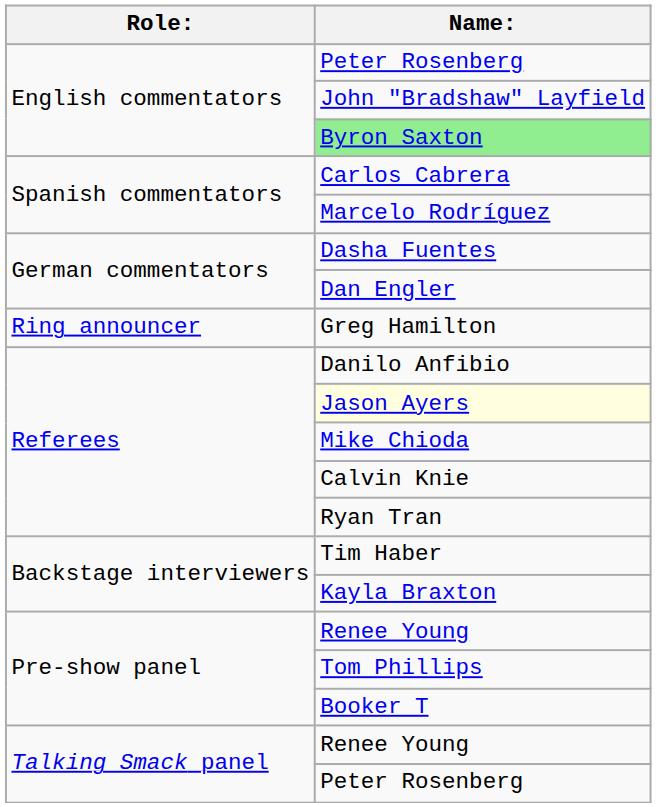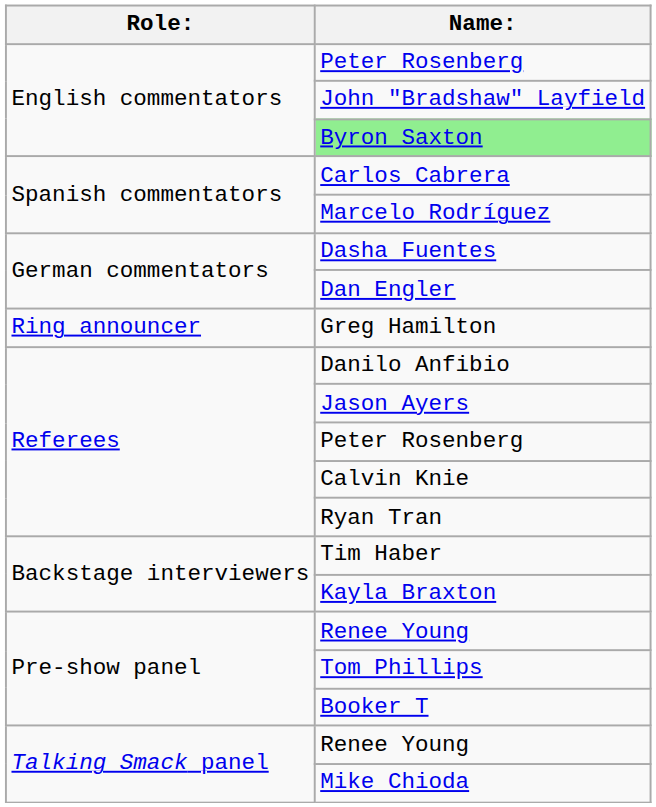 <table class=wikitable style="font-size:90%; margin: 0.5em 0 0.5em 1em; float: right; clear: right;">
 <tr>
 <th>Role:</th>
 <th>Name:</th>
 </tr>
 <tr>
 <td rowspan=3>English commentators</td>
 <td><a href='#'>Peter Rosenberg</a></td>
 </tr>
 <tr>
 <td><a href='#'>John "Bradshaw" Layfield</a></td>
 </tr>
 <tr>
 <td style="background: lightgreen;"><a href='#'>Byron Saxton</a></td>
 </tr>
 <tr>
 <td rowspan=2>Spanish commentators</td>
 <td><a href='#'>Carlos Cabrera</a></td>
 </tr>
 <tr>
 <td><a href='#'>Marcelo Rodríguez</a></td>
 </tr>
 <tr>
 <td rowspan=2>German commentators</td>
 <td><a href='#'>Dasha Fuentes</a></td>
 </tr>
 <tr>
 <td><a href='#'>Dan Engler</a></td>
 </tr>
 <tr>
 <td rowspan=1><a href='#'>Ring announcer</a></td>
 <td>Greg Hamilton</td>
 </tr>
 <tr>
 <td rowspan=5><a href='#'>Referees</a></td>
 <td>Danilo Anfibio</td>
 </tr>
 <tr>
-<td style="background: lightyellow;"><a href='#'>Jason Ayers</a></td>
+<td><a href='#'>Jason Ayers</a></td>
 </tr>
 <tr>
-<td><a href='#'>Mike Chioda</a></td>
+<td>Peter Rosenberg</td>
 </tr>
 <tr>
 <td>Calvin Knie</td>
 </tr>
 <tr>
 <td>Ryan Tran</td>
 </tr>
 <tr>
 <td rowspan=2>Backstage interviewers</td>
 <td>Tim Haber</td>
 </tr>
 <tr>
 <td><a href='#'>Kayla Braxton</a></td>
 </tr>
 <tr>
 <td rowspan=3>Pre-show panel</td>
 <td><a href='#'>Renee Young</a></td>
 </tr>
 <tr>
 <td><a href='#'>Tom Phillips</a></td>
 </tr>
 <tr>
 <td><a href='#'>Booker T</a></td>
 </tr>
 <tr>
 <td rowspan=2><a href='#'><em>Talking Smack</em> panel</a></td>
 <td>Renee Young</td>
 </tr>
 <tr>
-<td>Peter Rosenberg</td>
+<td><a href='#'>Mike Chioda</a></td>
 </tr>
 </table>
